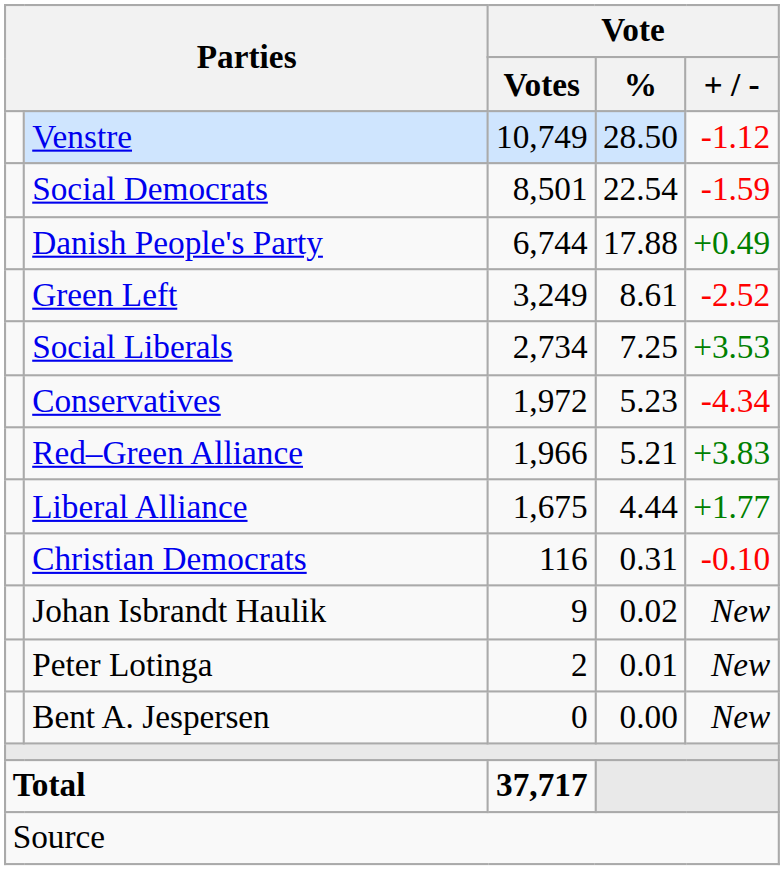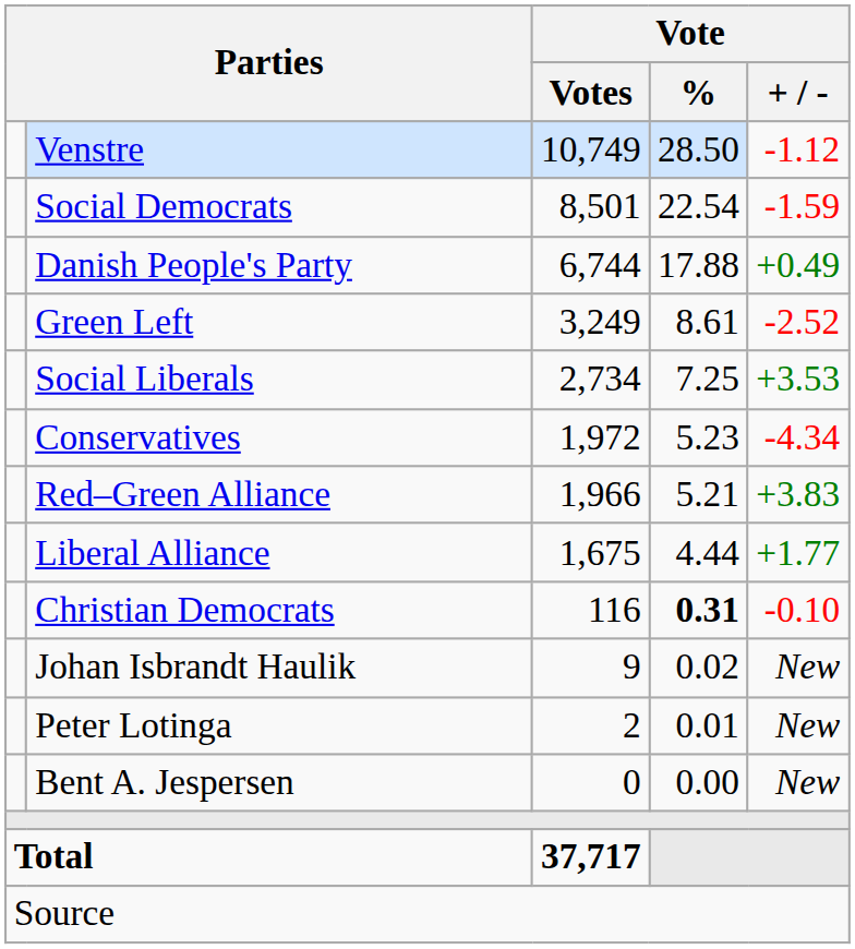 <table class="wikitable" style="text-align:right;">
 <tr>
 <th style="text-align:centre;" rowspan="2" colspan="2" width="225">Parties</th>
 <th colspan="3">Vote</th>
 </tr>
 <tr>
 <th width="15">Votes</th>
 <th width="15">%</th>
 <th width="15">+ / -</th>
 </tr>
 <tr>
 <td width="2" style="color:inherit;background:"></td>
 <td bgcolor=#cfe5fe  align="left"><a href='#'>Venstre</a></td>
 <td bgcolor=#cfe5fe>10,749</td>
 <td bgcolor=#cfe5fe>28.50</td>
 <td style=color:red;>-1.12</td>
 </tr>
 <tr>
 <td width="2" style="color:inherit;background:"></td>
 <td align="left"><a href='#'>Social Democrats</a></td>
 <td>8,501</td>
 <td>22.54</td>
 <td style=color:red;>-1.59</td>
 </tr>
 <tr>
 <td width="2" style="color:inherit;background:"></td>
 <td align="left"><a href='#'>Danish People's Party</a></td>
 <td>6,744</td>
 <td>17.88</td>
 <td style=color:green;>+0.49</td>
 </tr>
 <tr>
 <td width="2" style="color:inherit;background:"></td>
 <td align="left"><a href='#'>Green Left</a></td>
 <td>3,249</td>
 <td>8.61</td>
 <td style=color:red;>-2.52</td>
 </tr>
 <tr>
 <td width="2" style="color:inherit;background:"></td>
 <td align="left"><a href='#'>Social Liberals</a></td>
 <td>2,734</td>
 <td>7.25</td>
 <td style=color:green;>+3.53</td>
 </tr>
 <tr>
 <td width="2" style="color:inherit;background:"></td>
 <td align="left"><a href='#'>Conservatives</a></td>
 <td>1,972</td>
 <td>5.23</td>
 <td style=color:red;>-4.34</td>
 </tr>
 <tr>
 <td width="2" style="color:inherit;background:"></td>
 <td align="left"><a href='#'>Red–Green Alliance</a></td>
 <td>1,966</td>
 <td>5.21</td>
 <td style=color:green;>+3.83</td>
 </tr>
 <tr>
 <td width="2" style="color:inherit;background:"></td>
 <td align="left"><a href='#'>Liberal Alliance</a></td>
 <td>1,675</td>
 <td>4.44</td>
 <td style=color:green;>+1.77</td>
 </tr>
 <tr>
 <td width="2" style="color:inherit;background:"></td>
 <td align="left"><a href='#'>Christian Democrats</a></td>
 <td>116</td>
-<td>0.31</td>
+<td><strong>0.31</strong></td>
 <td style=color:red;>-0.10</td>
 </tr>
 <tr>
 <td width="2" style="color:inherit;background:"></td>
 <td align="left">Johan Isbrandt Haulik</td>
 <td>9</td>
 <td>0.02</td>
 <td><em>New</em></td>
 </tr>
 <tr>
 <td width="2" style="color:inherit;background:"></td>
 <td align="left">Peter Lotinga</td>
 <td>2</td>
 <td>0.01</td>
 <td><em>New</em></td>
 </tr>
 <tr>
 <td width="2" style="color:inherit;background:"></td>
 <td align="left">Bent A. Jespersen</td>
 <td>0</td>
 <td>0.00</td>
 <td><em>New</em></td>
 </tr>
 <tr>
 <td colspan="7" bgcolor="#E9E9E9"></td>
 </tr>
 <tr>
 <td align="left" colspan="2"><strong>Total</strong></td>
 <td><strong>37,717</strong></td>
 <td bgcolor="#E9E9E9" colspan="2"></td>
 </tr>
 <tr>
 <td align="left" colspan="6">Source</td>
 </tr>
 </table>
